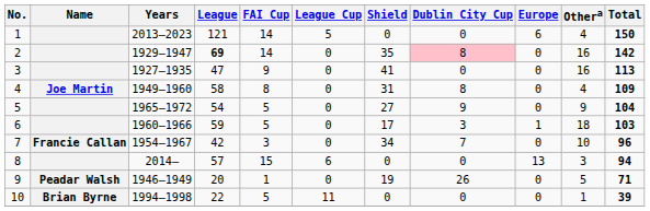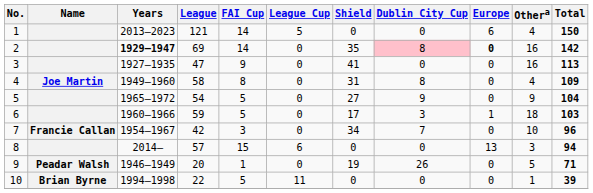 <table class="sortable wikitable plainrowheaders"  style="text-align: center;">
 <tr>
 <th scope="col">No.</th>
 <th scope="col">Name</th>
 <th scope="col">Years</th>
 <th scope="col"><a href='#'>League</a></th>
 <th scope="col"><a href='#'>FAI Cup</a></th>
 <th scope="col"><a href='#'>League Cup</a></th>
 <th scope="col"><a href='#'>Shield</a></th>
 <th scope="col"><a href='#'>Dublin City Cup</a></th>
 <th scope="col"><a href='#'>Europe</a></th>
 <th scope="col">Other<sup>a</sup></th>
 <th scope="col">Total</th>
 </tr>
 <tr>
 <td>1</td>
 <th scope="row"> </th>
 <td>2013–2023</td>
 <td>121</td>
 <td>14</td>
 <td>5</td>
 <td>0</td>
 <td>0</td>
 <td>6</td>
 <td>4</td>
 <td><strong>150</strong></td>
 </tr>
 <tr>
 <td>2</td>
 <th scope="row"> </th>
-<td>1929–1947</td>
-<td><strong>69</strong></td>
+<td><strong>1929–1947</strong></td>
+<td>69</td>
 <td>14</td>
 <td>0</td>
 <td>35</td>
 <td style="background: pink;">8</td>
-<td>0</td>
+<td><strong>0</strong></td>
 <td>16</td>
 <td><strong>142</strong></td>
 </tr>
 <tr>
 <td>3</td>
 <th scope="row"> </th>
 <td>1927–1935</td>
 <td>47</td>
 <td>9</td>
 <td>0</td>
 <td>41</td>
 <td>0</td>
 <td>0</td>
 <td>16</td>
 <td><strong>113</strong></td>
 </tr>
 <tr>
 <td>4</td>
 <th scope="row"> <a href='#'>Joe Martin</a></th>
 <td>1949–1960</td>
 <td>58</td>
 <td>8</td>
 <td>0</td>
 <td>31</td>
 <td>8</td>
 <td>0</td>
 <td>4</td>
 <td><strong>109</strong></td>
 </tr>
 <tr>
 <td>5</td>
 <th scope="row"> </th>
 <td>1965–1972</td>
 <td>54</td>
 <td>5</td>
 <td>0</td>
 <td>27</td>
 <td>9</td>
 <td>0</td>
 <td>9</td>
 <td><strong>104</strong></td>
 </tr>
 <tr>
 <td>6</td>
 <th scope="row"> </th>
 <td>1960–1966</td>
 <td>59</td>
 <td>5</td>
 <td>0</td>
 <td>17</td>
 <td>3</td>
 <td>1</td>
 <td>18</td>
 <td><strong>103</strong></td>
 </tr>
 <tr>
 <td>7</td>
 <th scope="row"> Francie Callan</th>
 <td>1954–1967</td>
 <td>42</td>
 <td>3</td>
 <td>0</td>
 <td>34</td>
 <td>7</td>
 <td>0</td>
 <td>10</td>
 <td><strong>96</strong></td>
 </tr>
 <tr>
 <td>8</td>
 <th scope="row"> </th>
 <td>2014–</td>
 <td>57</td>
 <td>15</td>
 <td>6</td>
 <td>0</td>
 <td>0</td>
 <td>13</td>
 <td>3</td>
 <td><strong>94</strong></td>
 </tr>
 <tr>
 <td>9</td>
 <th scope="row"> Peadar Walsh</th>
 <td>1946–1949</td>
 <td>20</td>
 <td>1</td>
 <td>0</td>
 <td>19</td>
 <td>26</td>
 <td>0</td>
 <td>5</td>
 <td><strong>71</strong></td>
 </tr>
 <tr>
 <td>10</td>
 <th scope="row"> Brian Byrne</th>
 <td>1994–1998</td>
 <td>22</td>
 <td>5</td>
 <td>11</td>
 <td>0</td>
 <td>0</td>
 <td>0</td>
 <td>1</td>
 <td><strong>39</strong></td>
 </tr>
 <tr>
 </tr>
 </table>
